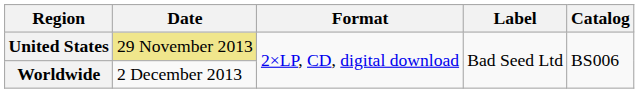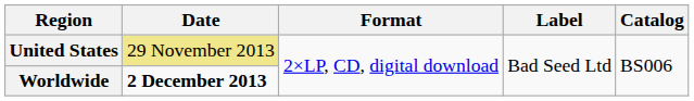 <table class="wikitable plainrowheaders" style="text-align:left">
 <tr>
 <th scope="col">Region</th>
 <th scope="col">Date</th>
 <th scope="col">Format</th>
 <th scope="col">Label</th>
 <th scope="col">Catalog</th>
 </tr>
 <tr>
 <th scope="row">United States</th>
 <td style="background: khaki;">29 November 2013</td>
 <td rowspan="2"><a href='#'>2×LP</a>, <a href='#'>CD</a>, <a href='#'>digital download</a></td>
 <td rowspan="2">Bad Seed Ltd</td>
 <td rowspan="2">BS006</td>
 </tr>
 <tr>
 <th scope="row">Worldwide</th>
-<td>2 December 2013</td>
+<td><strong>2 December 2013</strong></td>
 </tr>
 </table>
